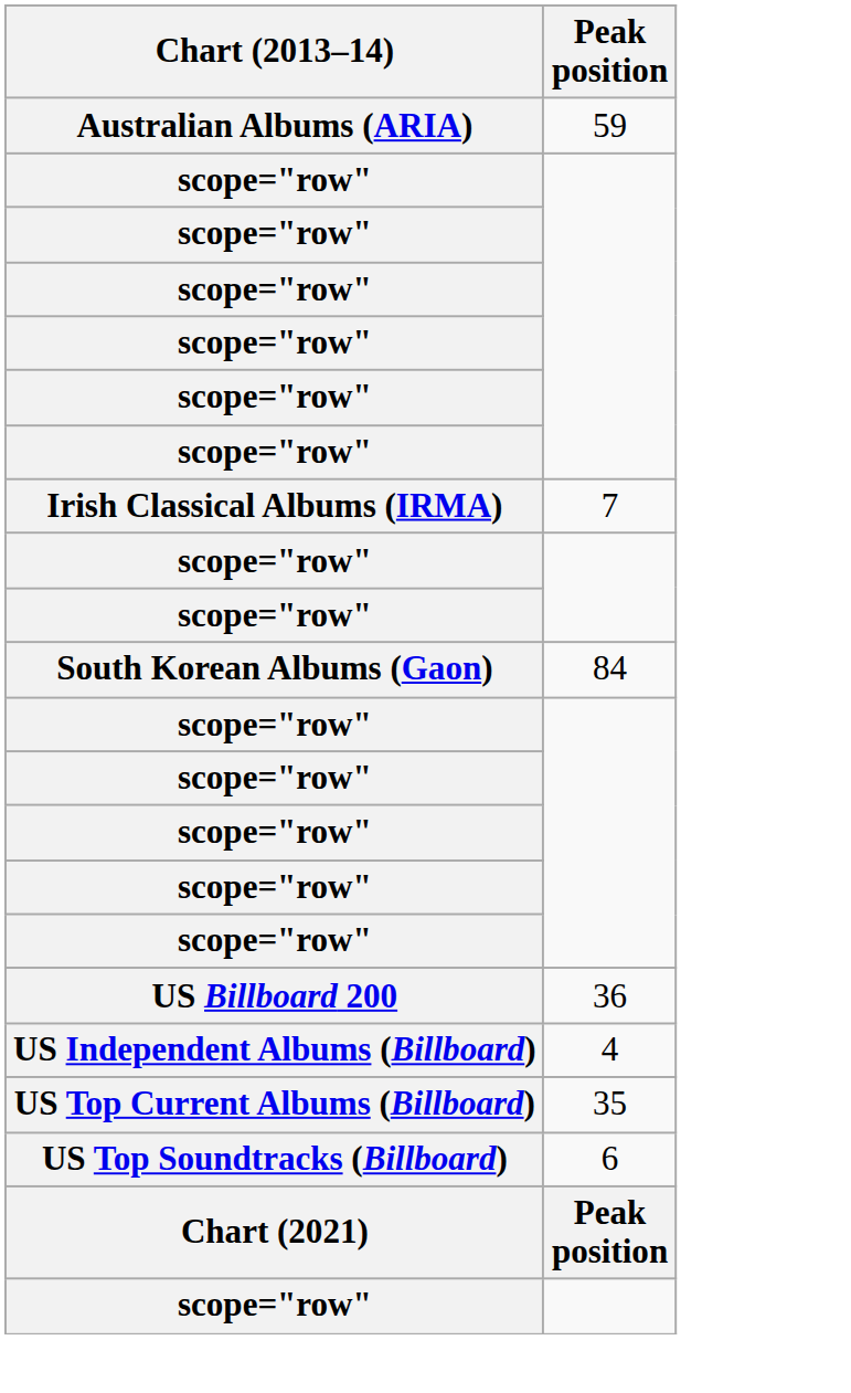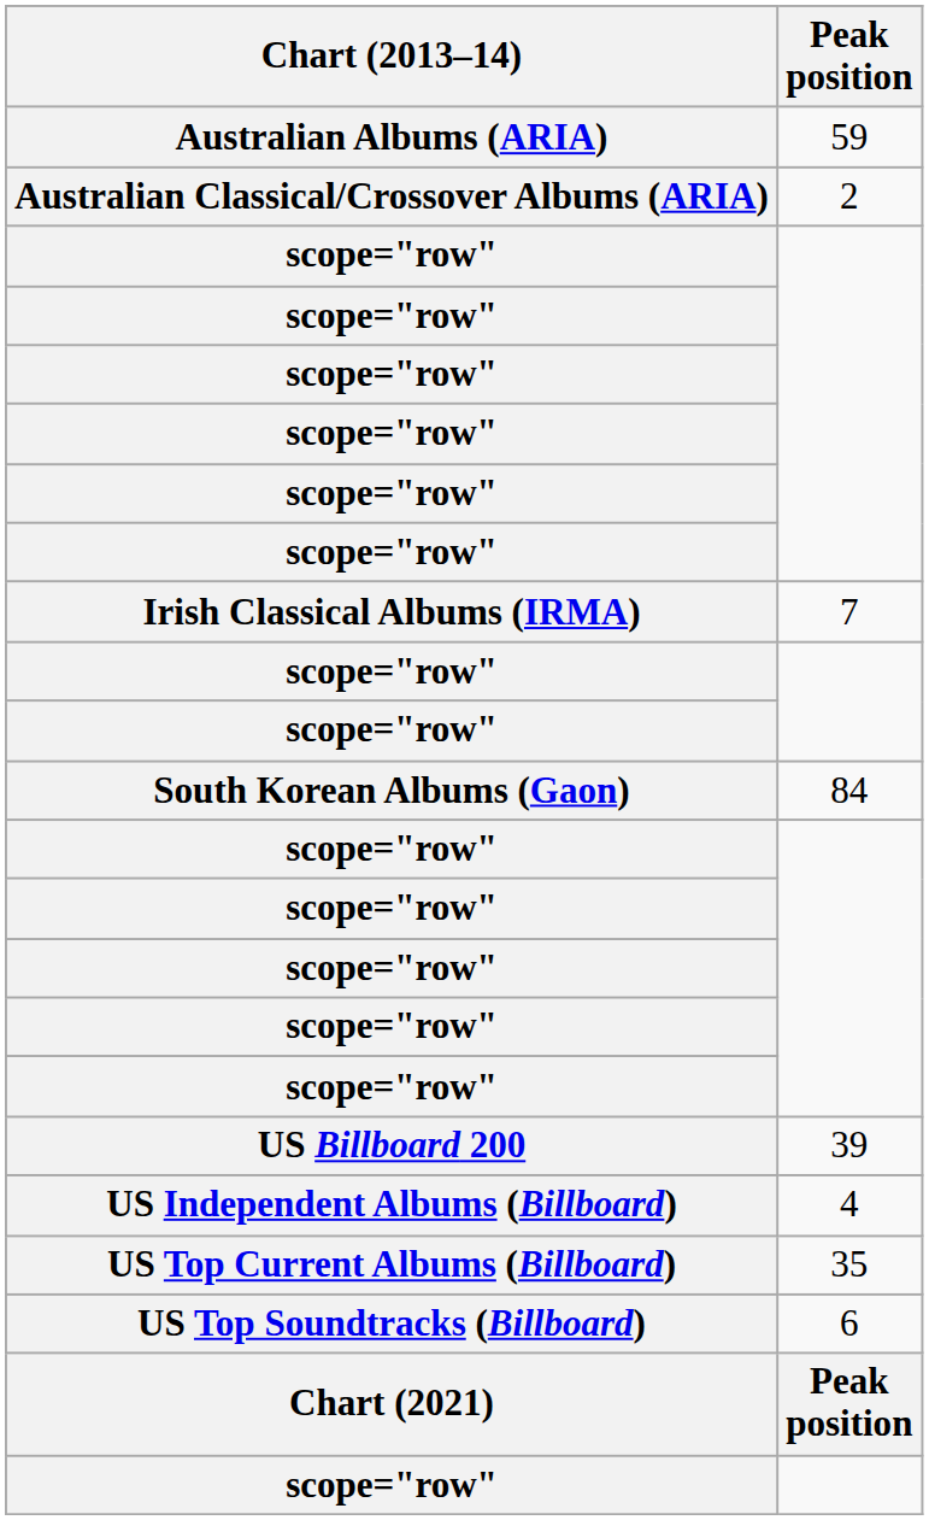 <table class="wikitable plainrowheaders sortable" style="text-align:center;">
 <tr>
 <th scope="col">Chart (2013–14)</th>
 <th scope="col">Peak<br>position</th>
 </tr>
 <tr>
 <th scope="row">Australian Albums (<a href='#'>ARIA</a>)</th>
 <td>59</td>
+</tr>
+<tr>
+<th scope="row">Australian Classical/Crossover Albums (<a href='#'>ARIA</a>)</th>
+<td>2</td>
 </tr>
 <tr>
 <th>scope="row" </th>
 </tr>
 <tr>
 <th>scope="row" </th>
 </tr>
 <tr>
 <th>scope="row" </th>
 </tr>
 <tr>
 <th>scope="row" </th>
 </tr>
 <tr>
 <th>scope="row" </th>
 </tr>
 <tr>
 <th>scope="row" </th>
 </tr>
 <tr>
 <th scope="row">Irish Classical Albums (<a href='#'>IRMA</a>)</th>
 <td>7</td>
 </tr>
 <tr>
 <th>scope="row" </th>
 </tr>
 <tr>
 <th>scope="row" </th>
 </tr>
 <tr>
 <th scope="row">South Korean Albums (<a href='#'>Gaon</a>)</th>
 <td>84</td>
 </tr>
 <tr>
 <th>scope="row" </th>
 </tr>
 <tr>
 <th>scope="row" </th>
 </tr>
 <tr>
 <th>scope="row" </th>
 </tr>
 <tr>
 <th>scope="row" </th>
 </tr>
 <tr>
 <th>scope="row" </th>
 </tr>
 <tr>
 <th scope="row">US <a href='#'><em>Billboard</em> 200</a></th>
-<td>36</td>
+<td>39</td>
 </tr>
 <tr>
 <th scope="row">US <a href='#'>Independent Albums</a> (<em><a href='#'>Billboard</a></em>)</th>
 <td>4</td>
 </tr>
 <tr>
 <th scope="row">US <a href='#'>Top Current Albums</a> (<em><a href='#'>Billboard</a></em>)</th>
 <td>35</td>
 </tr>
 <tr>
 <th scope="row">US <a href='#'>Top Soundtracks</a> (<em><a href='#'>Billboard</a></em>)</th>
 <td>6</td>
 </tr>
 <tr>
 <th scope="col">Chart (2021)</th>
 <th scope="col">Peak<br>position</th>
 </tr>
 <tr>
 <th>scope="row" </th>
 </tr>
 </table>
